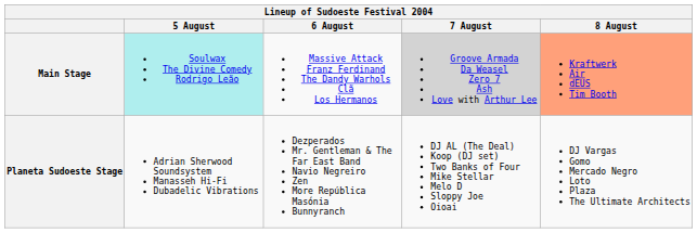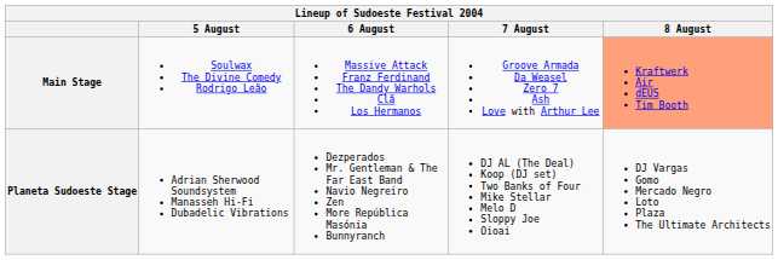 <table class="wikitable mw-collapsible">
 <tr>
 <th colspan="5">Lineup of Sudoeste Festival 2004</th>
 </tr>
 <tr>
 <th></th>
 <th>5 August</th>
 <th>6 August</th>
 <th>7 August</th>
 <th>8 August</th>
 </tr>
 <tr>
 <th><strong>Main Stage</strong></th>
-<td width="200" align="center" valign="top" style="background: paleturquoise;"><br><ul><li><a href='#'>Soulwax</a></li><li><a href='#'>The Divine Comedy</a></li><li><a href='#'>Rodrigo Leão</a></li></ul></td>
+<td width="200" align="center" valign="top"><br><ul><li><a href='#'>Soulwax</a></li><li><a href='#'>The Divine Comedy</a></li><li><a href='#'>Rodrigo Leão</a></li></ul></td>
 <td width="200" align="center" valign="top"><br><ul><li><a href='#'>Massive Attack</a></li><li><a href='#'>Franz Ferdinand</a></li><li><a href='#'>The Dandy Warhols</a></li><li><a href='#'>Clã</a></li><li><a href='#'>Los Hermanos</a></li></ul></td>
-<td width="200" align="center" valign="top" style="background: lightgrey;"><br><ul><li><a href='#'>Groove Armada</a></li><li><a href='#'>Da Weasel</a></li><li><a href='#'>Zero 7</a></li><li><a href='#'>Ash</a></li><li><a href='#'>Love</a> with <a href='#'>Arthur Lee</a></li></ul></td>
+<td width="200" align="center" valign="top"><br><ul><li><a href='#'>Groove Armada</a></li><li><a href='#'>Da Weasel</a></li><li><a href='#'>Zero 7</a></li><li><a href='#'>Ash</a></li><li><a href='#'>Love</a> with <a href='#'>Arthur Lee</a></li></ul></td>
 <td style="background: lightsalmon;"><br><ul><li><a href='#'>Kraftwerk</a></li><li><a href='#'>Air</a></li><li><a href='#'>dEUS</a></li><li><a href='#'>Tim Booth</a></li></ul></td>
 </tr>
 <tr>
 <th><strong>Planeta Sudoeste Stage</strong></th>
 <td><br><ul><li>Adrian Sherwood Soundsystem</li><li>Manasseh Hi-Fi</li><li>Dubadelic Vibrations</li></ul></td>
 <td><br><ul><li>Dezperados</li><li>Mr. Gentleman & The Far East Band</li><li>Navio Negreiro</li><li>Zen</li><li>More República Masónia</li><li>Bunnyranch</li></ul></td>
 <td><br><ul><li>DJ AL (The Deal)</li><li>Koop (DJ set)</li><li>Two Banks of Four</li><li>Mike Stellar</li><li>Melo D</li><li>Sloppy Joe</li><li>Oioai</li></ul></td>
 <td><br><ul><li>DJ Vargas</li><li>Gomo</li><li>Mercado Negro</li><li>Loto</li><li>Plaza</li><li>The Ultimate Architects</li></ul></td>
 </tr>
 </table>
